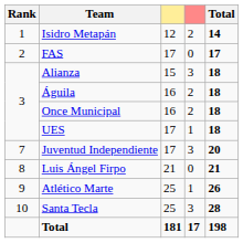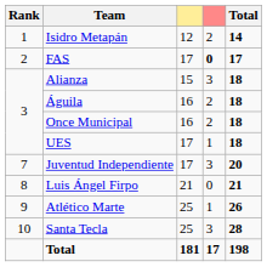 <table class="wikitable" border="1">
 <tr>
 <th>Rank</th>
 <th>Team</th>
 <th width=20 style="background: #FFEE99"></th>
 <th width=20 style="background: #FF8888"></th>
 <th>Total</th>
 </tr>
 <tr>
 <td align=center>1</td>
 <td><a href='#'>Isidro Metapán</a></td>
 <td>12</td>
 <td>2</td>
 <td><strong>14</strong></td>
 </tr>
 <tr>
 <td align=center>2</td>
 <td><a href='#'>FAS</a></td>
 <td>17</td>
-<td>0</td>
+<td><strong>0</strong></td>
 <td><strong>17</strong></td>
 </tr>
 <tr>
 <td rowspan="4" align=center>3</td>
 <td><a href='#'>Alianza</a></td>
 <td>15</td>
 <td>3</td>
 <td><strong>18</strong></td>
 </tr>
 <tr>
 <td><a href='#'>Águila</a></td>
 <td>16</td>
 <td>2</td>
 <td><strong>18</strong></td>
 </tr>
 <tr>
 <td><a href='#'>Once Municipal</a></td>
 <td>16</td>
 <td>2</td>
 <td><strong>18</strong></td>
 </tr>
 <tr>
 <td><a href='#'>UES</a></td>
 <td>17</td>
 <td>1</td>
 <td><strong>18</strong></td>
 </tr>
 <tr>
 <td align=center>7</td>
 <td><a href='#'>Juventud Independiente</a></td>
 <td>17</td>
 <td>3</td>
 <td><strong>20</strong></td>
 </tr>
 <tr>
 <td align=center>8</td>
 <td><a href='#'>Luis Ángel Firpo</a></td>
 <td>21</td>
 <td>0</td>
 <td><strong>21</strong></td>
 </tr>
 <tr>
 <td align=center>9</td>
 <td><a href='#'>Atlético Marte</a></td>
 <td>25</td>
 <td>1</td>
 <td><strong>26</strong></td>
 </tr>
 <tr>
 <td align=center>10</td>
 <td><a href='#'>Santa Tecla</a></td>
 <td>25</td>
 <td>3</td>
 <td><strong>28</strong></td>
 </tr>
 <tr>
 <td></td>
 <td><strong>Total</strong></td>
 <td><strong>181</strong></td>
 <td><strong>17</strong></td>
 <td><strong>198</strong></td>
 </tr>
 </table>
